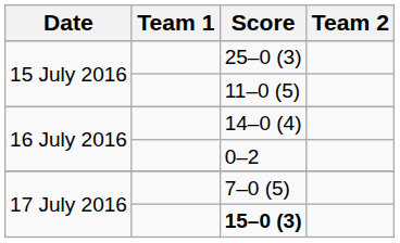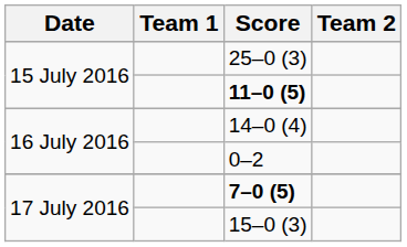 <table class="wikitable">
 <tr>
 <th>Date</th>
 <th>Team 1</th>
 <th>Score</th>
 <th>Team 2</th>
 </tr>
 <tr>
 </tr>
 <tr style=font-size:90%>
 <td rowspan=2>15 July 2016</td>
 <td></td>
 <td>25–0 (3)</td>
 <td></td>
 </tr>
 <tr style=font-size:90%>
 <td></td>
-<td>11–0 (5)</td>
+<td><strong>11–0 (5)</strong></td>
 <td></td>
 </tr>
 <tr>
 </tr>
 <tr style=font-size:90%>
 <td rowspan=2>16 July 2016</td>
 <td></td>
 <td>14–0 (4)</td>
 <td></td>
 </tr>
 <tr style=font-size:90%>
 <td></td>
 <td>0–2</td>
 <td></td>
 </tr>
 <tr>
 </tr>
 <tr style=font-size:90%>
 <td rowspan=2>17 July 2016</td>
 <td></td>
-<td>7–0 (5)</td>
+<td><strong>7–0 (5)</strong></td>
 <td></td>
 </tr>
 <tr style=font-size:90%>
 <td></td>
-<td><strong>15–0 (3)</strong></td>
+<td>15–0 (3)</td>
 <td></td>
 </tr>
 </table>
